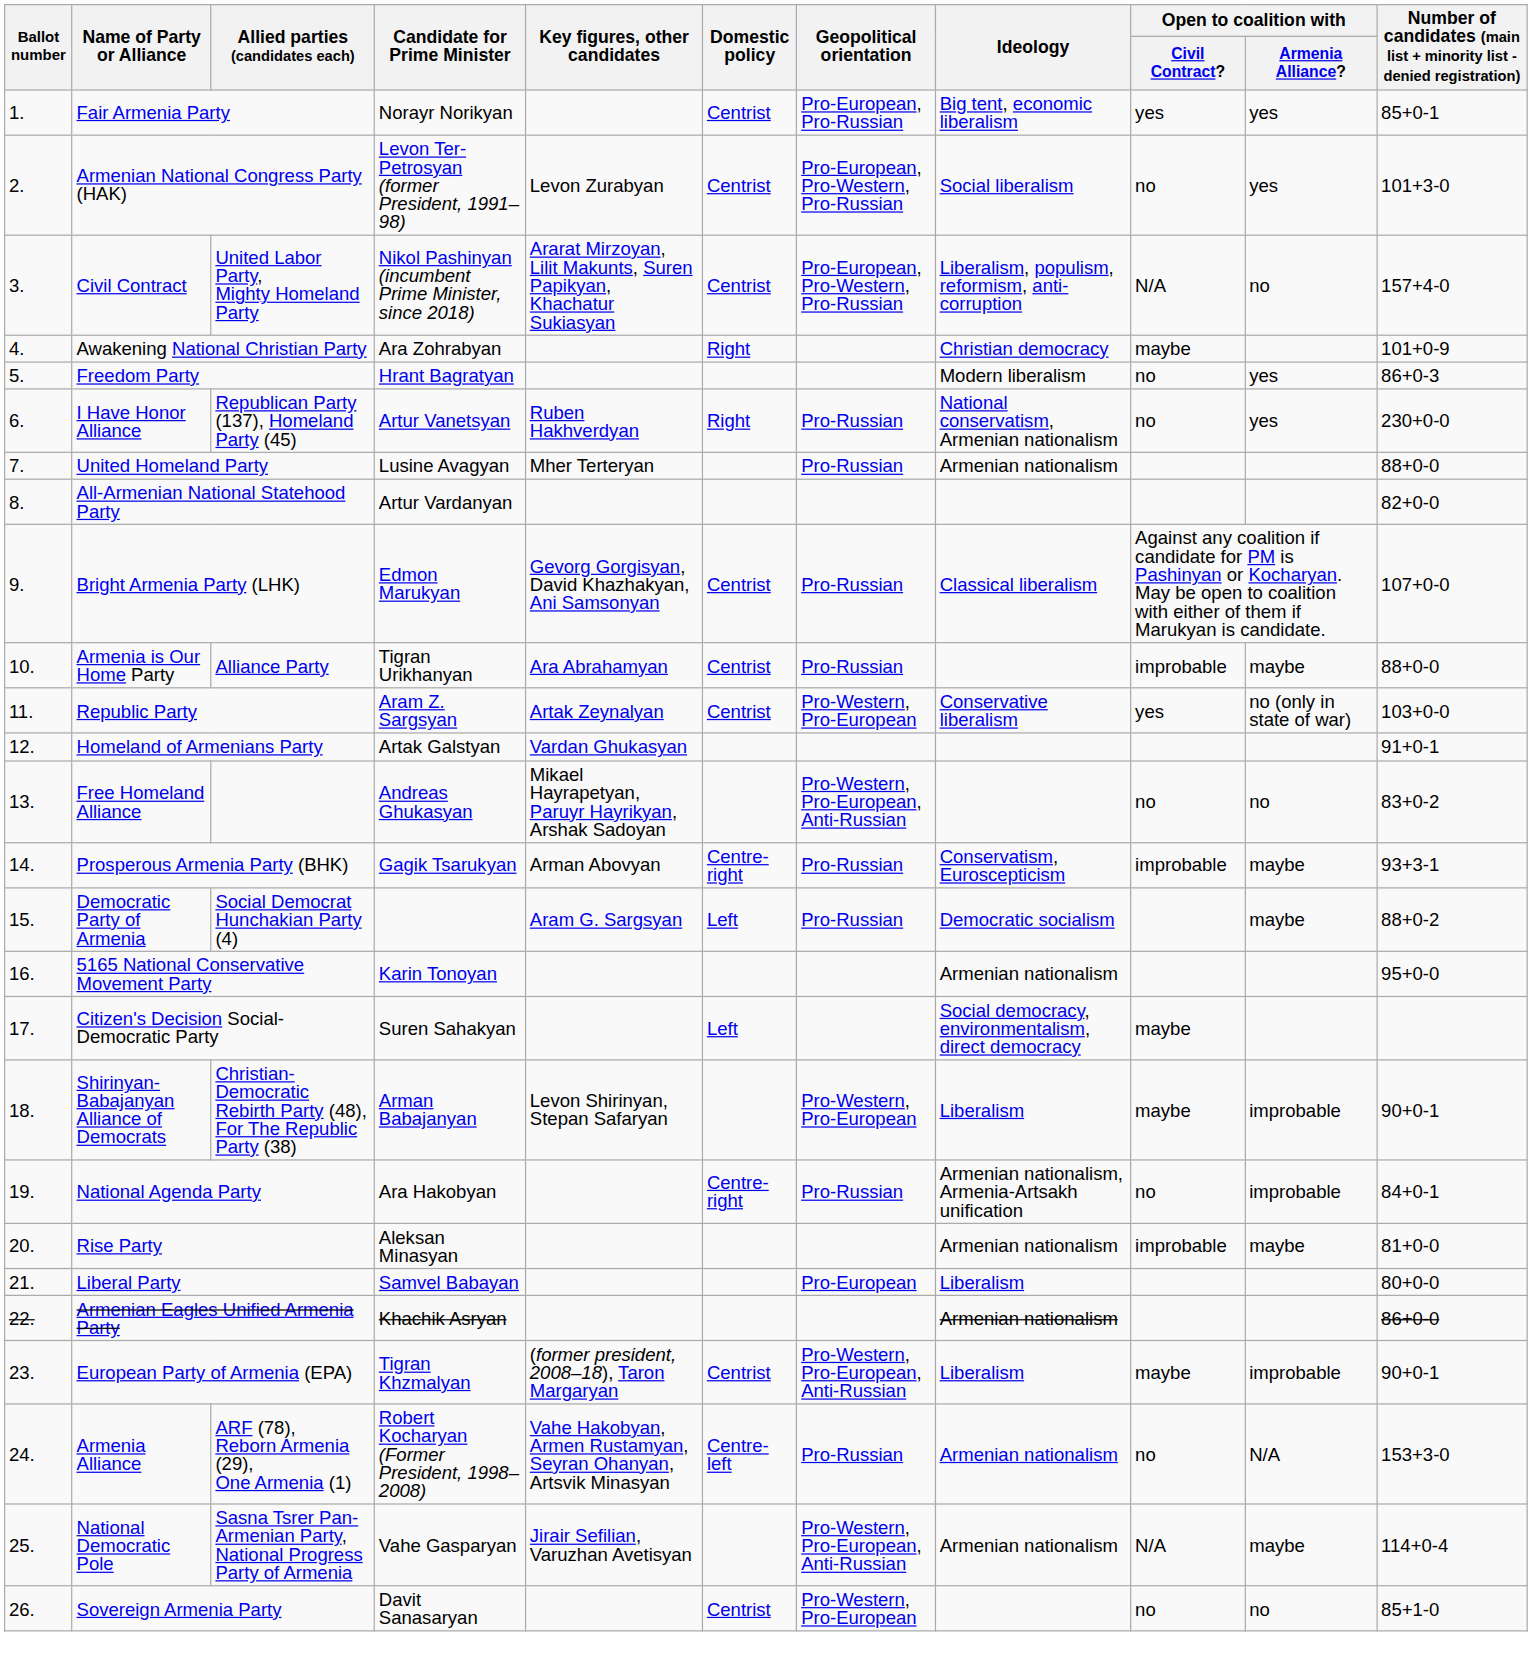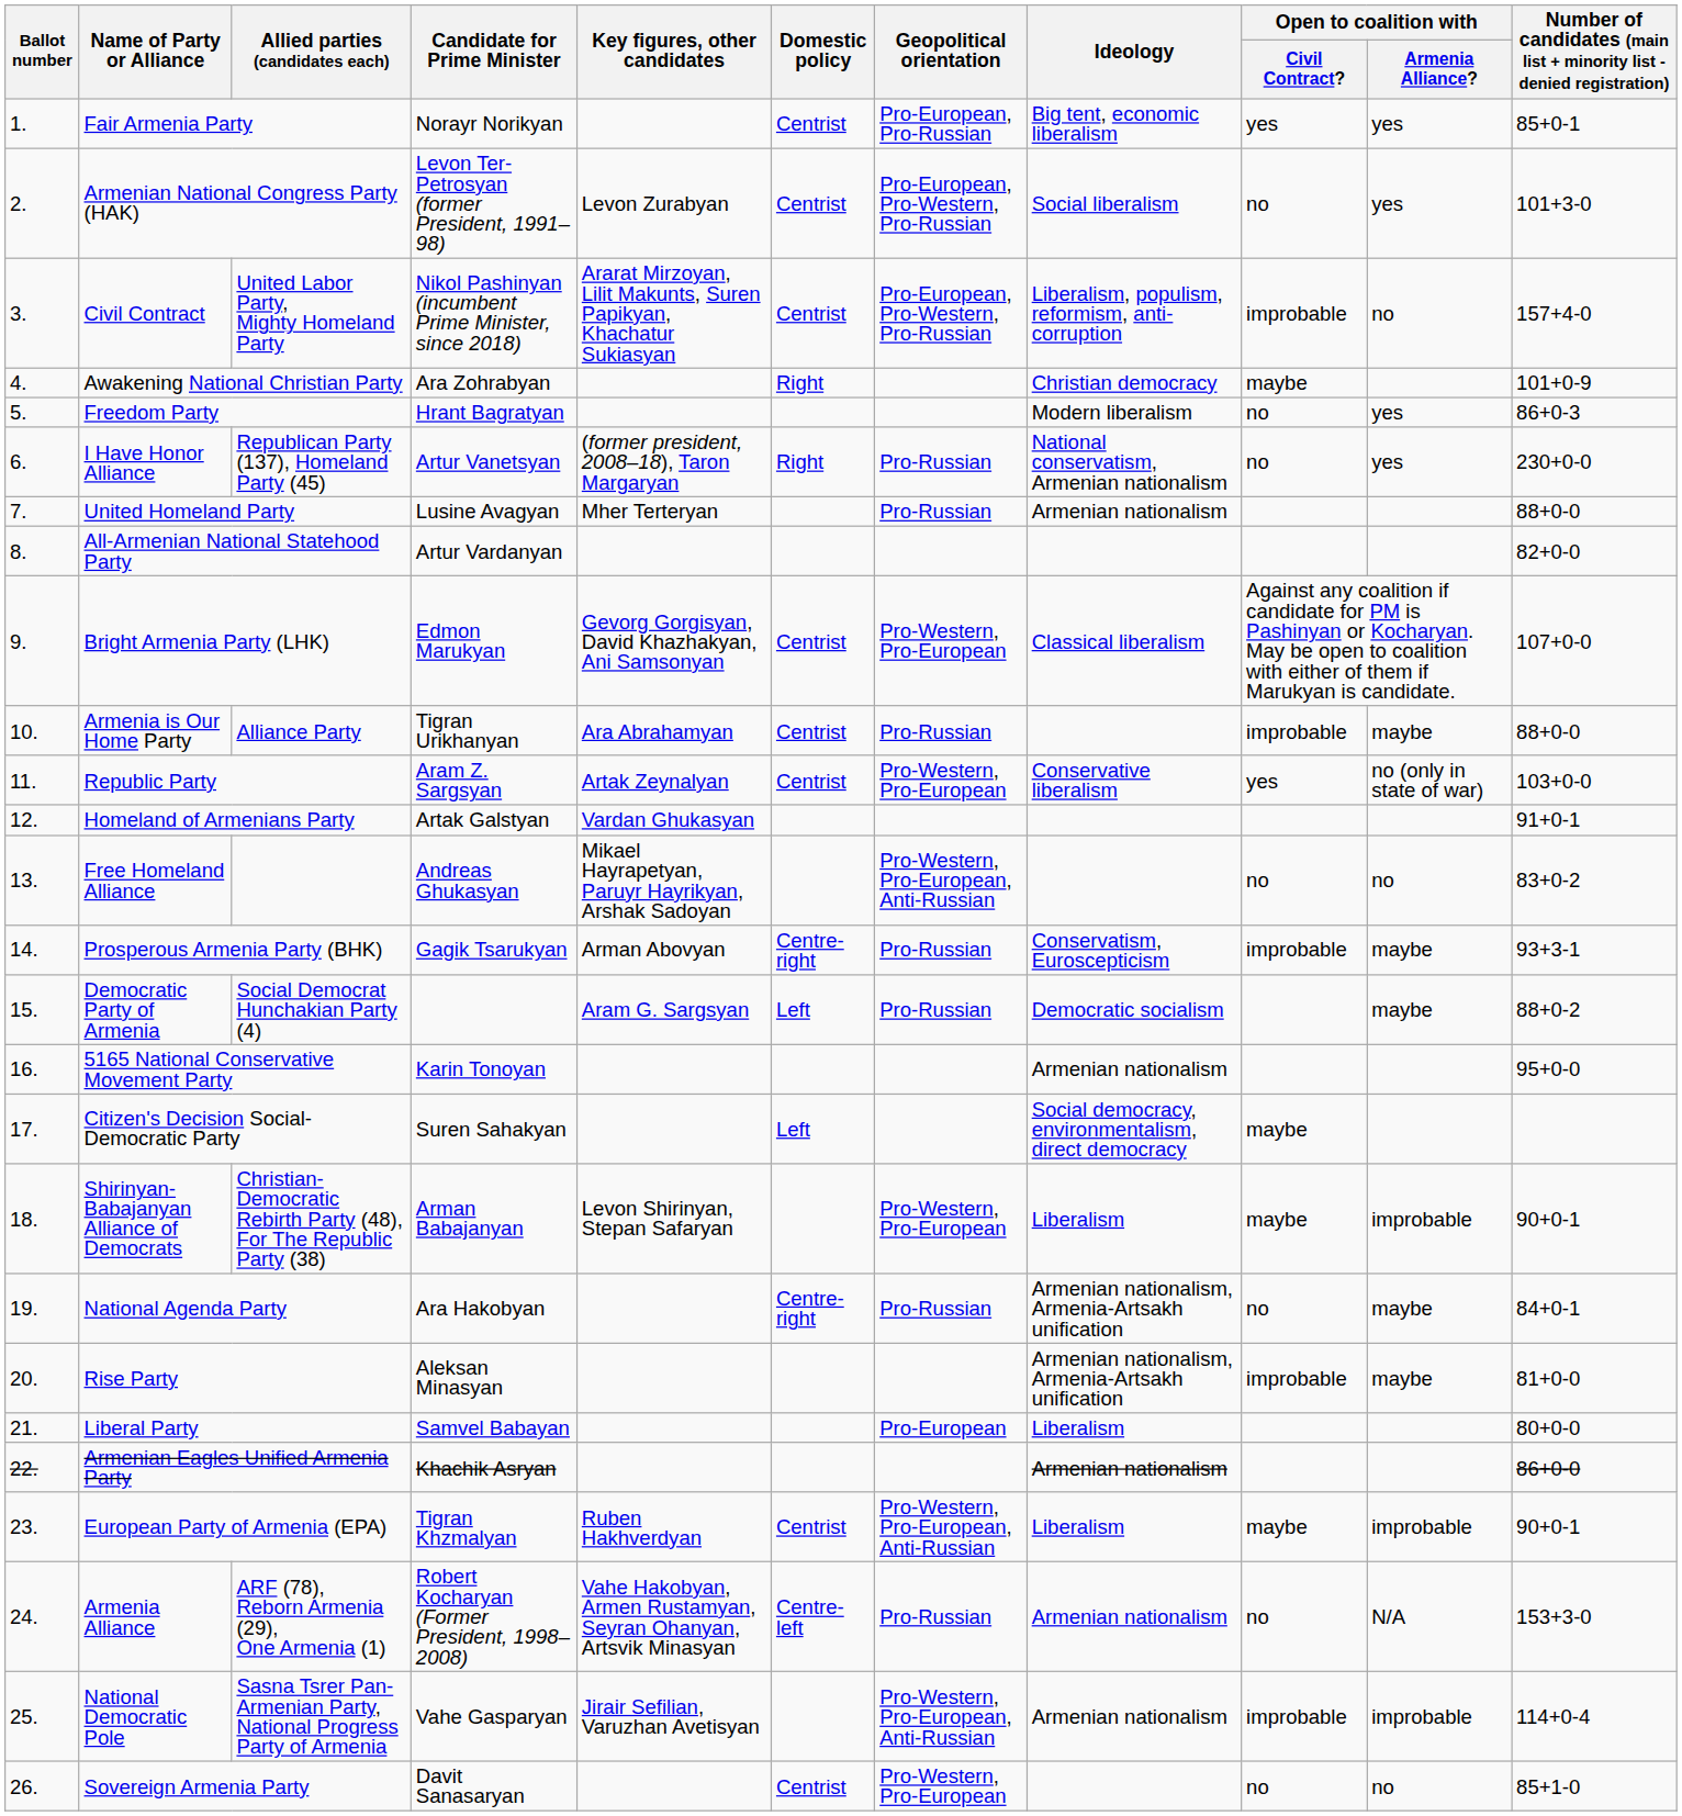 <table class="wikitable sortable mw-collapsible" style="font-size:95%;line-height:15px;">
 <tr style="font-size:95%;">
 <th rowspan=2 style="font-size:85%;">Ballot number</th>
 <th rowspan=2>Name of Party or Alliance</th>
 <th rowspan=2>Allied parties <small>(candidates each)</small></th>
 <th rowspan=2>Candidate for Prime Minister</th>
 <th rowspan=2>Key figures, other candidates</th>
 <th rowspan=2>Domestic policy</th>
 <th rowspan=2>Geopolitical orientation</th>
 <th rowspan=2>Ideology</th>
 <th colspan=2>Open to coalition with</th>
 <th rowspan=2>Number of candidates <small>(main list + minority list - denied registration)</small></th>
 </tr>
 <tr style="font-size:85%;">
 <th><a href='#'>Civil Contract</a>?</th>
 <th><a href='#'>Armenia Alliance</a>?</th>
 </tr>
 <tr>
 <td>1.</td>
 <td colspan=2><a href='#'>Fair Armenia Party</a><br></td>
 <td>Norayr Norikyan</td>
 <td></td>
 <td><a href='#'>Centrist</a></td>
 <td><a href='#'>Pro-European</a>, <a href='#'>Pro-Russian</a></td>
 <td><a href='#'>Big tent</a>, <a href='#'>economic liberalism</a></td>
 <td data-sort-value="2">yes</td>
 <td data-sort-value="2">yes</td>
 <td>85+0-1</td>
 </tr>
 <tr>
 <td>2.</td>
 <td colspan=2><a href='#'>Armenian National Congress Party</a> (HAK)<br></td>
 <td><a href='#'>Levon Ter-Petrosyan</a> <em>(former President, 1991–98)</em></td>
 <td>Levon Zurabyan</td>
 <td><a href='#'>Centrist</a></td>
 <td><a href='#'>Pro-European</a>, <a href='#'>Pro-Western</a>, <a href='#'>Pro-Russian</a></td>
 <td><a href='#'>Social liberalism</a></td>
 <td data-sort-value="-2">no</td>
 <td data-sort-value="2">yes</td>
 <td>101+3-0</td>
 </tr>
 <tr>
 <td>3.</td>
 <td><a href='#'>Civil Contract</a><br></td>
 <td><a href='#'>United Labor Party</a>,<br><a href='#'>Mighty Homeland Party</a></td>
 <td><a href='#'>Nikol Pashinyan</a> <em>(incumbent Prime Minister, since 2018)</em></td>
 <td><a href='#'>Ararat Mirzoyan</a>, <a href='#'>Lilit Makunts</a>, <a href='#'>Suren Papikyan</a>, <a href='#'>Khachatur Sukiasyan</a></td>
 <td><a href='#'>Centrist</a></td>
 <td><a href='#'>Pro-European</a>, <a href='#'>Pro-Western</a>, <a href='#'>Pro-Russian</a></td>
 <td><a href='#'>Liberalism</a>, <a href='#'>populism</a>, <a href='#'>reformism</a>, <a href='#'>anti-corruption</a></td>
-<td data-sort-value="3">N/A</td>
+<td data-sort-value="-1">improbable</td>
 <td data-sort-value="-2">no</td>
 <td>157+4-0</td>
 </tr>
 <tr>
 <td>4.</td>
 <td colspan=2>Awakening <a href='#'>National Christian Party</a><br></td>
 <td>Ara Zohrabyan</td>
 <td></td>
 <td><a href='#'>Right</a></td>
 <td></td>
 <td><a href='#'>Christian democracy</a></td>
 <td data-sort-value="1">maybe</td>
 <td></td>
 <td>101+0-9</td>
 </tr>
 <tr>
 <td>5.</td>
 <td colspan=2><a href='#'>Freedom Party</a><br></td>
 <td><a href='#'>Hrant Bagratyan</a></td>
 <td></td>
 <td></td>
 <td></td>
 <td>Modern liberalism </td>
 <td data-sort-value="-2">no</td>
 <td data-sort-value="2">yes</td>
 <td>86+0-3</td>
 </tr>
 <tr>
 <td>6.</td>
 <td><a href='#'>I Have Honor Alliance</a><br></td>
 <td><a href='#'>Republican Party</a> (137), <a href='#'>Homeland Party</a> (45)</td>
 <td><a href='#'>Artur Vanetsyan</a></td>
-<td><a href='#'>Ruben Hakhverdyan</a></td>
+<td> (<em>former president, 2008–18</em>), <a href='#'>Taron Margaryan</a></td>
 <td><a href='#'>Right</a></td>
 <td><a href='#'>Pro-Russian</a></td>
 <td><a href='#'>National conservatism</a>, Armenian nationalism</td>
 <td data-sort-value="-2">no</td>
 <td data-sort-value="2">yes</td>
 <td>230+0-0</td>
 </tr>
 <tr>
 <td>7.</td>
 <td colspan=2><a href='#'>United Homeland Party</a><br></td>
 <td>Lusine Avagyan</td>
 <td>Mher Terteryan</td>
 <td></td>
 <td><a href='#'>Pro-Russian</a></td>
 <td>Armenian nationalism</td>
 <td></td>
 <td></td>
 <td>88+0-0</td>
 </tr>
 <tr>
 <td>8.</td>
 <td colspan=2><a href='#'>All-Armenian National Statehood Party</a><br></td>
 <td>Artur Vardanyan</td>
 <td></td>
 <td></td>
 <td></td>
 <td></td>
 <td></td>
 <td></td>
 <td>82+0-0</td>
 </tr>
 <tr>
 <td>9.</td>
 <td colspan=2><a href='#'>Bright Armenia Party</a> (LHK)<br></td>
 <td><a href='#'>Edmon Marukyan</a></td>
 <td><a href='#'>Gevorg Gorgisyan</a>, David Khazhakyan, <a href='#'>Ani Samsonyan</a></td>
 <td><a href='#'>Centrist</a></td>
-<td><a href='#'>Pro-Russian</a></td>
+<td><a href='#'>Pro-Western</a>, <a href='#'>Pro-European</a></td>
 <td><a href='#'>Classical liberalism</a></td>
 <td colspan="2" data-sort-value="-0.5">Against any coalition if candidate for <a href='#'>PM</a> is <a href='#'>Pashinyan</a> or <a href='#'>Kocharyan</a>.<br>May be open to coalition with either of them if Marukyan is candidate.</td>
 <td>107+0-0</td>
 </tr>
 <tr>
 <td>10.</td>
 <td><a href='#'>Armenia is Our Home</a> Party<br></td>
 <td><a href='#'>Alliance Party</a></td>
 <td>Tigran Urikhanyan</td>
 <td><a href='#'>Ara Abrahamyan</a></td>
 <td><a href='#'>Centrist</a></td>
 <td><a href='#'>Pro-Russian</a></td>
 <td></td>
 <td data-sort-value="-1">improbable</td>
 <td data-sort-value="1">maybe</td>
 <td>88+0-0</td>
 </tr>
 <tr>
 <td>11.</td>
 <td colspan=2><a href='#'>Republic Party</a><br></td>
 <td><a href='#'>Aram Z. Sargsyan</a></td>
 <td><a href='#'>Artak Zeynalyan</a></td>
 <td><a href='#'>Centrist</a></td>
 <td><a href='#'>Pro-Western</a>, <a href='#'>Pro-European</a></td>
 <td><a href='#'>Conservative liberalism</a></td>
 <td data-sort-value="2">yes</td>
 <td data-sort-value="-1.5">no (only in state of war)</td>
 <td>103+0-0</td>
 </tr>
 <tr>
 <td>12.</td>
 <td colspan=2><a href='#'>Homeland of Armenians Party</a><br></td>
 <td>Artak Galstyan</td>
 <td><a href='#'>Vardan Ghukasyan</a></td>
 <td></td>
 <td></td>
 <td></td>
 <td></td>
 <td></td>
 <td>91+0-1</td>
 </tr>
 <tr>
 <td>13.</td>
 <td><a href='#'>Free Homeland Alliance</a><br></td>
 <td></td>
 <td><a href='#'>Andreas Ghukasyan</a></td>
 <td>Mikael Hayrapetyan, <a href='#'>Paruyr Hayrikyan</a>, Arshak Sadoyan</td>
 <td></td>
 <td><a href='#'>Pro-Western</a>, <a href='#'>Pro-European</a>, <a href='#'>Anti-Russian</a></td>
 <td></td>
 <td data-sort-value="-2">no</td>
 <td data-sort-value="-2">no</td>
 <td>83+0-2</td>
 </tr>
 <tr>
 <td>14.</td>
 <td colspan=2><a href='#'>Prosperous Armenia Party</a> (BHK)<br></td>
 <td><a href='#'>Gagik Tsarukyan</a></td>
 <td>Arman Abovyan</td>
 <td><a href='#'>Centre-right</a></td>
 <td><a href='#'>Pro-Russian</a></td>
 <td><a href='#'>Conservatism</a>, <a href='#'>Euroscepticism</a></td>
 <td data-sort-value="-1">improbable</td>
 <td data-sort-value="1">maybe</td>
 <td>93+3-1</td>
 </tr>
 <tr>
 <td>15.</td>
 <td><a href='#'>Democratic Party of Armenia</a><br></td>
 <td><a href='#'>Social Democrat Hunchakian Party</a> (4)</td>
 <td></td>
 <td><a href='#'>Aram G. Sargsyan</a></td>
 <td><a href='#'>Left</a></td>
 <td><a href='#'>Pro-Russian</a></td>
 <td><a href='#'>Democratic socialism</a></td>
 <td></td>
 <td data-sort-value="1">maybe</td>
 <td>88+0-2</td>
 </tr>
 <tr>
 <td>16.</td>
 <td colspan=2><a href='#'>5165 National Conservative Movement Party</a><br></td>
 <td><a href='#'>Karin Tonoyan</a></td>
 <td></td>
 <td></td>
 <td></td>
 <td>Armenian nationalism</td>
 <td></td>
 <td></td>
 <td>95+0-0</td>
 </tr>
 <tr>
 <td>17.</td>
 <td colspan=2><a href='#'>Citizen's Decision</a> Social-Democratic Party<br></td>
 <td>Suren Sahakyan</td>
 <td></td>
 <td><a href='#'>Left</a></td>
 <td></td>
 <td><a href='#'>Social democracy</a>, <a href='#'>environmentalism</a>, <a href='#'>direct democracy</a></td>
 <td data-sort-value="1">maybe</td>
 <td></td>
 <td></td>
 </tr>
 <tr>
 <td>18.</td>
 <td><a href='#'>Shirinyan-Babajanyan Alliance of Democrats</a><br></td>
 <td><a href='#'>Christian-Democratic Rebirth Party</a> (48),<br><a href='#'>For The Republic Party</a> (38)</td>
 <td><a href='#'>Arman Babajanyan</a></td>
 <td>Levon Shirinyan, Stepan Safaryan</td>
 <td></td>
 <td><a href='#'>Pro-Western</a>, <a href='#'>Pro-European</a></td>
 <td><a href='#'>Liberalism</a></td>
 <td data-sort-value="1">maybe</td>
 <td data-sort-value="-1">improbable</td>
 <td>90+0-1</td>
 </tr>
 <tr>
 <td>19.</td>
 <td colspan=2><a href='#'>National Agenda Party</a><br></td>
 <td>Ara Hakobyan</td>
 <td></td>
 <td><a href='#'>Centre-right</a></td>
 <td><a href='#'>Pro-Russian</a></td>
 <td>Armenian nationalism, Armenia-Artsakh unification</td>
 <td data-sort-value="-2">no</td>
-<td data-sort-value="-1">improbable</td>
+<td data-sort-value="1">maybe</td>
 <td>84+0-1</td>
 </tr>
 <tr>
 <td>20.</td>
 <td colspan=2><a href='#'>Rise Party</a><br></td>
 <td>Aleksan Minasyan</td>
 <td></td>
 <td></td>
 <td></td>
-<td>Armenian nationalism</td>
+<td>Armenian nationalism, Armenia-Artsakh unification</td>
 <td data-sort-value="-1">improbable</td>
 <td data-sort-value="1">maybe</td>
 <td>81+0-0</td>
 </tr>
 <tr>
 <td>21.</td>
 <td colspan=2><a href='#'>Liberal Party</a><br></td>
 <td><a href='#'>Samvel Babayan</a></td>
 <td></td>
 <td></td>
 <td><a href='#'>Pro-European</a></td>
 <td><a href='#'>Liberalism</a></td>
 <td></td>
 <td></td>
 <td>80+0-0</td>
 </tr>
 <tr style="text-decoration:line-through;">
 <td>22.</td>
 <td colspan=2><a href='#'>Armenian Eagles Unified Armenia Party</a><br></td>
 <td>Khachik Asryan</td>
 <td></td>
 <td></td>
 <td></td>
 <td>Armenian nationalism</td>
 <td></td>
 <td></td>
 <td>86+0-0</td>
 </tr>
 <tr>
 <td>23.</td>
 <td colspan=2><a href='#'>European Party of Armenia</a> (EPA)<br></td>
 <td><a href='#'>Tigran Khzmalyan</a></td>
-<td> (<em>former president, 2008–18</em>), <a href='#'>Taron Margaryan</a></td>
+<td><a href='#'>Ruben Hakhverdyan</a></td>
 <td><a href='#'>Centrist</a></td>
 <td><a href='#'>Pro-Western</a>, <a href='#'>Pro-European</a>, <a href='#'>Anti-Russian</a></td>
 <td><a href='#'>Liberalism</a></td>
 <td data-sort-value="1">maybe</td>
 <td data-sort-value="-1">improbable</td>
 <td>90+0-1</td>
 </tr>
 <tr>
 <td>24.</td>
 <td><a href='#'>Armenia Alliance</a><br></td>
 <td><a href='#'>ARF</a> (78),<br><a href='#'>Reborn Armenia</a> (29),<br><a href='#'>One Armenia</a> (1)</td>
 <td><a href='#'>Robert Kocharyan</a> <em>(Former President, 1998–2008)</em></td>
 <td><a href='#'>Vahe Hakobyan</a>, <a href='#'>Armen Rustamyan</a>, <a href='#'>Seyran Ohanyan</a>, Artsvik Minasyan</td>
 <td><a href='#'>Centre-left</a></td>
 <td><a href='#'>Pro-Russian</a></td>
 <td><a href='#'>Armenian nationalism</a></td>
 <td data-sort-value="-2">no</td>
 <td data-sort-value="3">N/A</td>
 <td>153+3-0</td>
 </tr>
 <tr>
 <td>25.</td>
 <td><a href='#'>National Democratic Pole</a><br></td>
 <td><a href='#'>Sasna Tsrer Pan-Armenian Party</a>, <a href='#'>National Progress Party of Armenia</a></td>
 <td>Vahe Gasparyan</td>
 <td><a href='#'>Jirair Sefilian</a>, Varuzhan Avetisyan</td>
 <td></td>
 <td><a href='#'>Pro-Western</a>, <a href='#'>Pro-European</a>, <a href='#'>Anti-Russian</a></td>
 <td>Armenian nationalism</td>
-<td data-sort-value="3">N/A</td>
-<td data-sort-value="1">maybe</td>
+<td data-sort-value="-1">improbable</td>
+<td data-sort-value="-1">improbable</td>
 <td>114+0-4</td>
 </tr>
 <tr>
 <td>26.</td>
 <td colspan=2><a href='#'>Sovereign Armenia Party</a><br></td>
 <td>Davit Sanasaryan</td>
 <td></td>
 <td><a href='#'>Centrist</a></td>
 <td><a href='#'>Pro-Western</a>, <a href='#'>Pro-European</a></td>
 <td></td>
 <td data-sort-value="-2">no</td>
 <td data-sort-value="-2">no</td>
 <td>85+1-0</td>
 </tr>
 </table>
